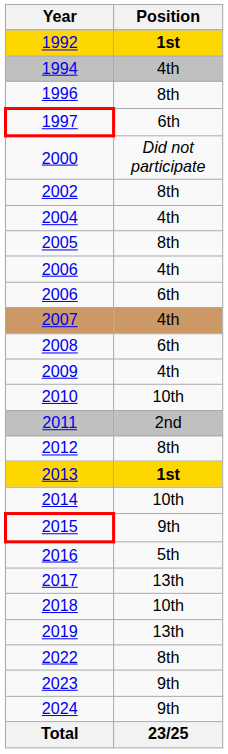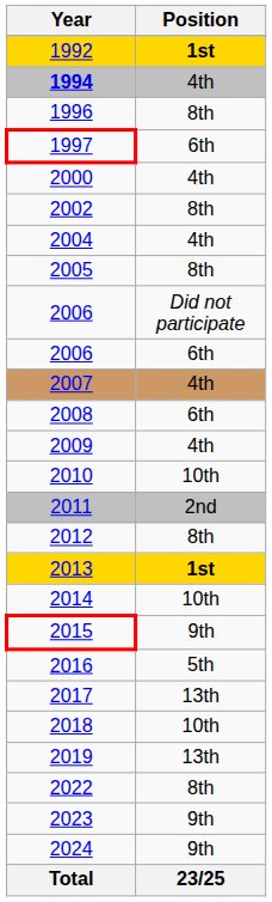 <table class="wikitable" style="text-align: center;">
 <tr>
 <th width="100">Year</th>
 <th width="100">Position</th>
 </tr>
 <tr>
 </tr>
 <tr bgcolor=gold>
 <td> <a href='#'>1992</a></td>
 <td><strong>1st</strong></td>
 </tr>
 <tr bgcolor=silver>
-<td> <a href='#'>1994</a></td>
+<td><strong> <a href='#'>1994</a></strong></td>
 <td>4th</td>
 </tr>
 <tr>
 <td> <a href='#'>1996</a></td>
 <td>8th</td>
 </tr>
 <tr>
 <td style="border: 3px solid red"> <a href='#'>1997</a></td>
 <td>6th</td>
 </tr>
 <tr>
 <td> <a href='#'>2000</a></td>
-<td><em>Did not participate</em></td>
+<td>4th</td>
 </tr>
 <tr>
 <td> <a href='#'>2002</a></td>
 <td>8th</td>
 </tr>
 <tr>
 <td> <a href='#'>2004</a></td>
 <td>4th</td>
 </tr>
 <tr>
 <td> <a href='#'>2005</a></td>
 <td>8th</td>
 </tr>
 <tr>
 <td> <a href='#'>2006</a></td>
-<td>4th</td>
+<td><em>Did not participate</em></td>
 </tr>
 <tr>
 <td> <a href='#'>2006</a></td>
 <td>6th</td>
 </tr>
 <tr bgcolor=cc9966>
 <td>  <a href='#'>2007</a></td>
 <td>4th</td>
 </tr>
 <tr>
 <td> <a href='#'>2008</a></td>
 <td>6th</td>
 </tr>
 <tr>
 <td> <a href='#'>2009</a></td>
 <td>4th</td>
 </tr>
 <tr>
 <td> <a href='#'>2010</a></td>
 <td>10th</td>
 </tr>
 <tr bgcolor=silver>
 <td> <a href='#'>2011</a></td>
 <td>2nd</td>
 </tr>
 <tr>
 <td> <a href='#'>2012</a></td>
 <td>8th</td>
 </tr>
 <tr bgcolor=gold>
 <td> <a href='#'>2013</a></td>
 <td><strong>1st</strong></td>
 </tr>
 <tr>
 <td> <a href='#'>2014</a></td>
 <td>10th</td>
 </tr>
 <tr>
 <td style="border: 3px solid red"> <a href='#'>2015</a></td>
 <td>9th</td>
 </tr>
 <tr>
 <td> <a href='#'>2016</a></td>
 <td>5th</td>
 </tr>
 <tr>
 <td> <a href='#'>2017</a></td>
 <td>13th</td>
 </tr>
 <tr>
 <td> <a href='#'>2018</a></td>
 <td>10th</td>
 </tr>
 <tr>
 <td> <a href='#'>2019</a></td>
 <td>13th</td>
 </tr>
 <tr>
 <td> <a href='#'>2022</a></td>
 <td>8th</td>
 </tr>
 <tr>
 <td> <a href='#'>2023</a></td>
 <td>9th</td>
 </tr>
 <tr>
 <td> <a href='#'>2024</a></td>
 <td>9th</td>
 </tr>
 <tr>
 <th>Total</th>
 <th>23/25</th>
 </tr>
 </table>
